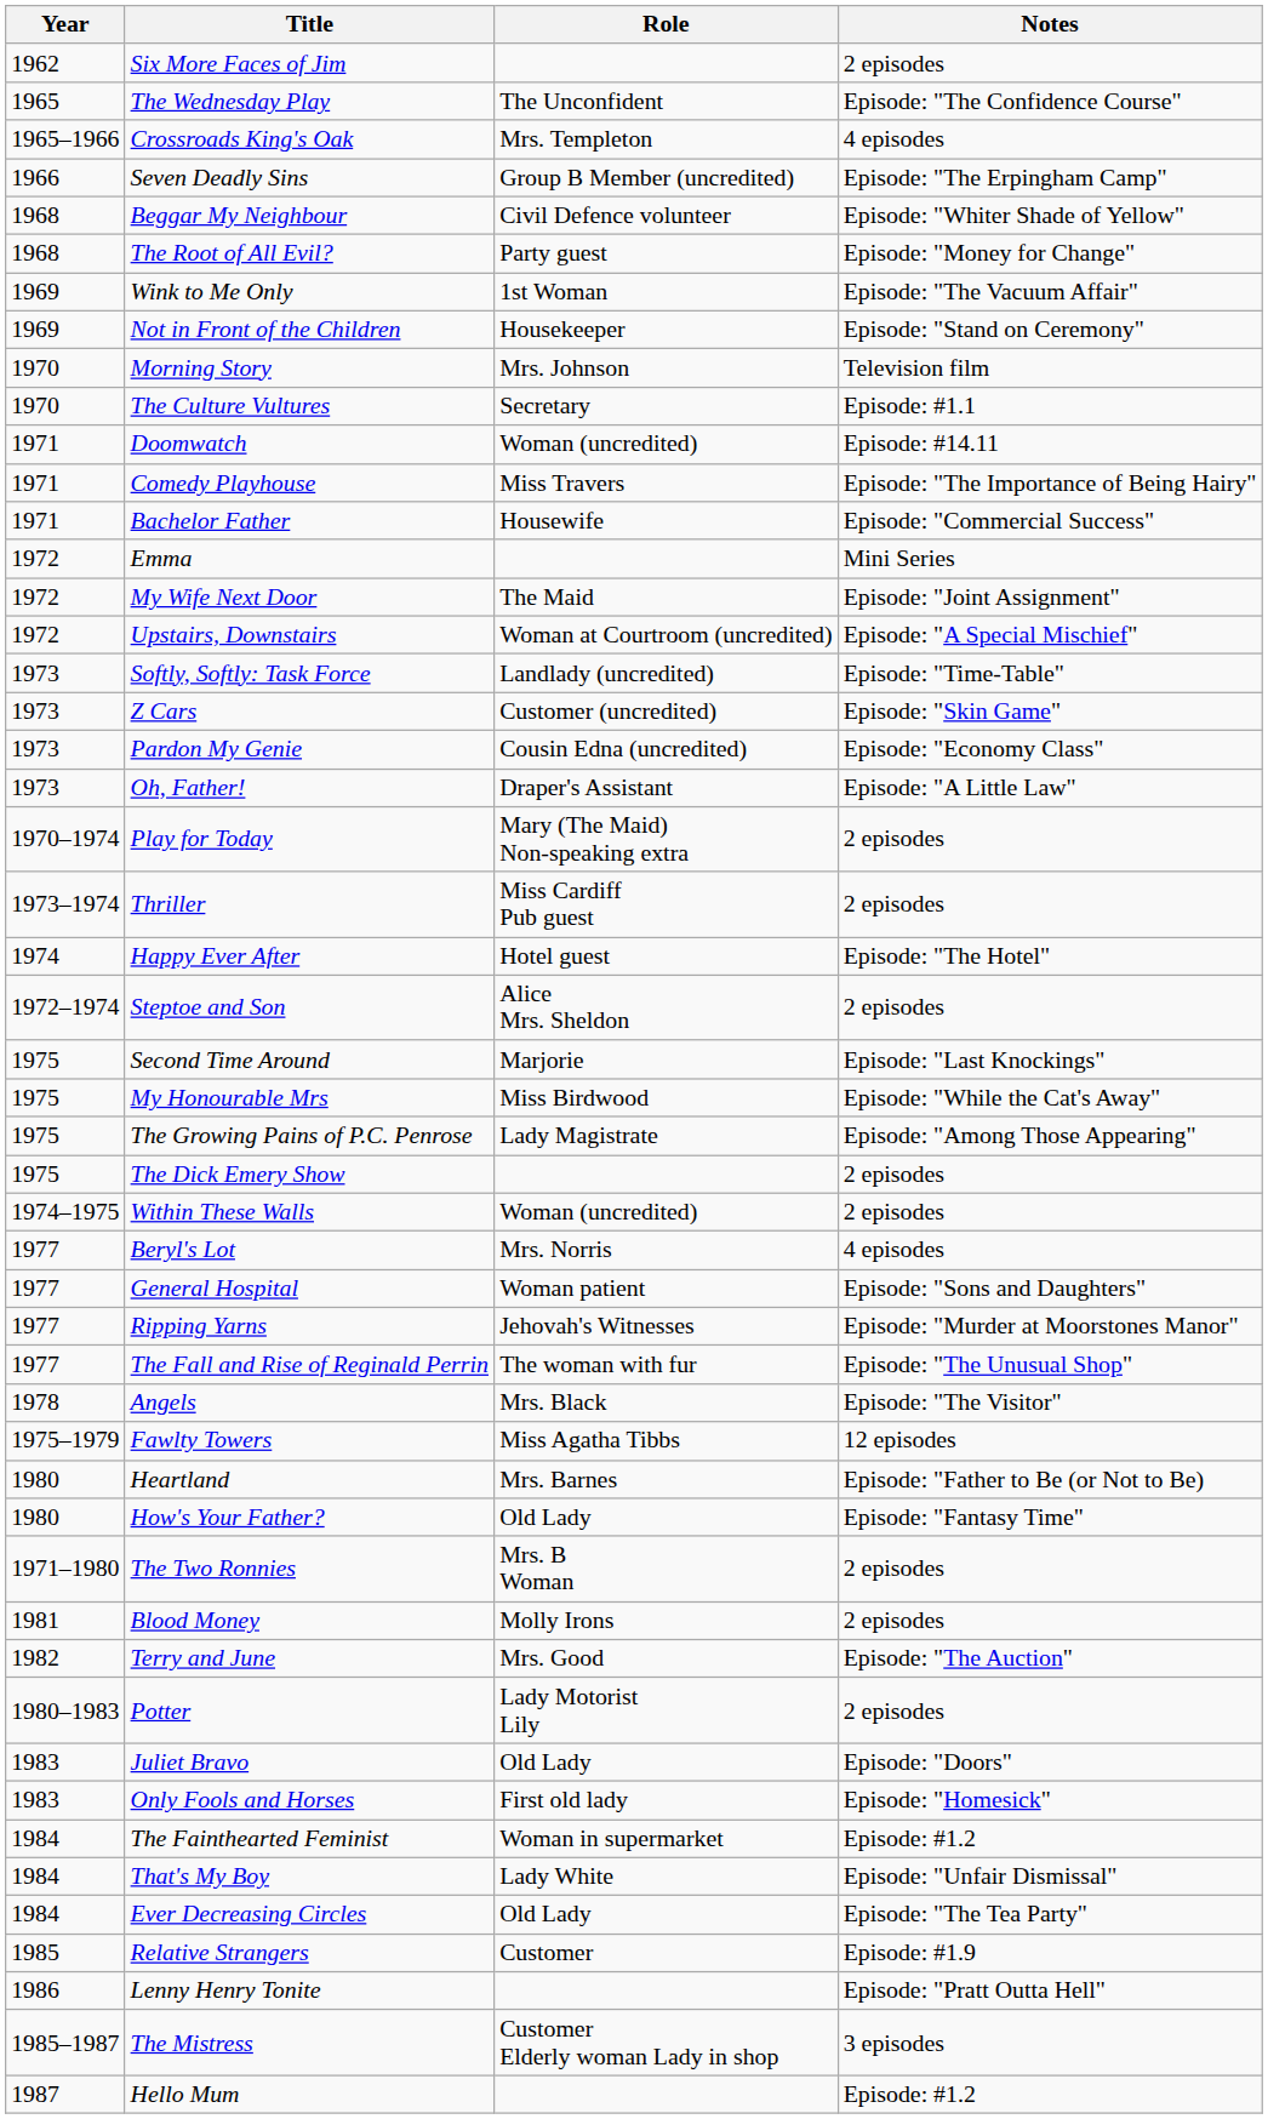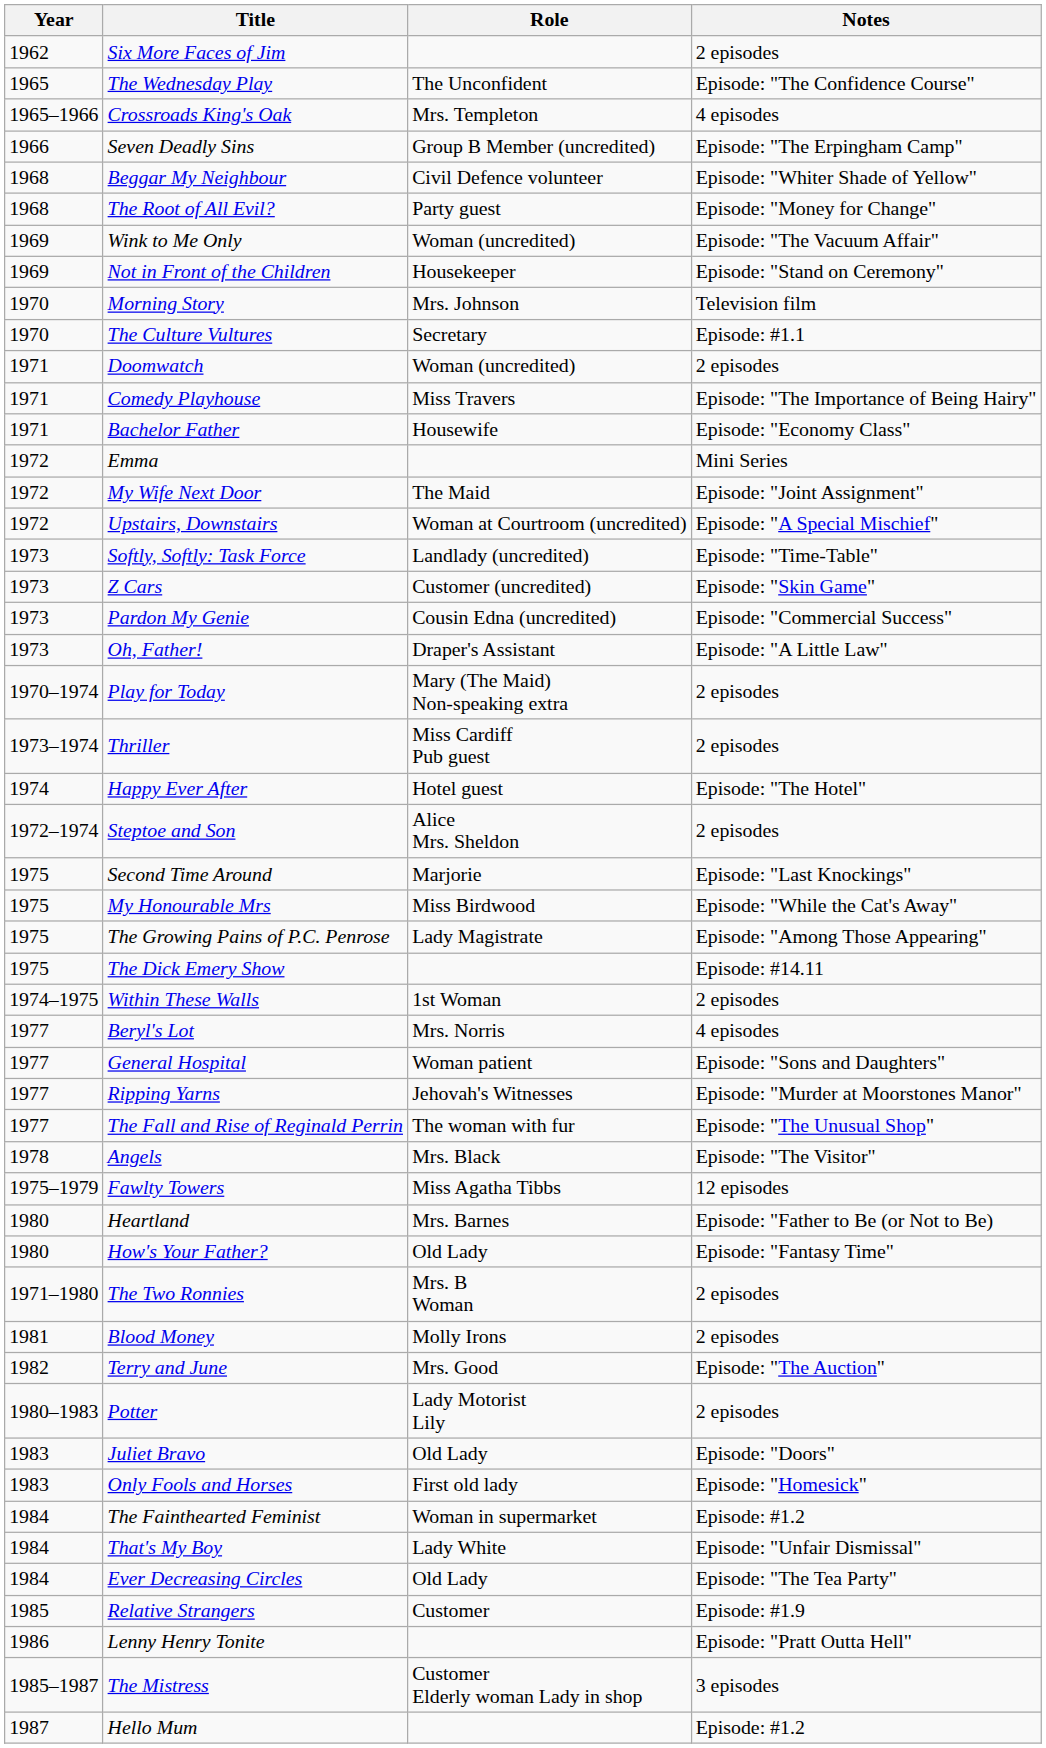 <table class="wikitable sortable">
 <tr>
 <th>Year</th>
 <th>Title</th>
 <th>Role</th>
 <th class="unsortable">Notes</th>
 </tr>
 <tr>
 <td>1962</td>
 <td><em><a href='#'>Six More Faces of Jim</a></em></td>
 <td></td>
 <td>2 episodes</td>
 </tr>
 <tr>
 <td>1965</td>
 <td><em><a href='#'>The Wednesday Play</a></em></td>
 <td>The Unconfident</td>
 <td>Episode: "The Confidence Course"</td>
 </tr>
 <tr>
 <td>1965–1966</td>
 <td><em><a href='#'>Crossroads King's Oak</a></em></td>
 <td>Mrs. Templeton</td>
 <td>4 episodes</td>
 </tr>
 <tr>
 <td>1966</td>
 <td><em>Seven Deadly Sins</em></td>
 <td>Group B Member (uncredited)</td>
 <td>Episode: "The Erpingham Camp"</td>
 </tr>
 <tr>
 <td>1968</td>
 <td><em><a href='#'>Beggar My Neighbour</a></em></td>
 <td>Civil Defence volunteer</td>
 <td>Episode: "Whiter Shade of Yellow"</td>
 </tr>
 <tr>
 <td>1968</td>
 <td><em><a href='#'>The Root of All Evil?</a></em></td>
 <td>Party guest</td>
 <td>Episode: "Money for Change"</td>
 </tr>
 <tr>
 <td>1969</td>
 <td><em>Wink to Me Only</em></td>
-<td>1st Woman</td>
+<td>Woman (uncredited)</td>
 <td>Episode: "The Vacuum Affair"</td>
 </tr>
 <tr>
 <td>1969</td>
 <td><em><a href='#'>Not in Front of the Children</a></em></td>
 <td>Housekeeper</td>
 <td>Episode: "Stand on Ceremony"</td>
 </tr>
 <tr>
 <td>1970</td>
 <td><em><a href='#'>Morning Story</a></em></td>
 <td>Mrs. Johnson</td>
 <td>Television film</td>
 </tr>
 <tr>
 <td>1970</td>
 <td><em><a href='#'>The Culture Vultures</a></em></td>
 <td>Secretary</td>
 <td>Episode: #1.1</td>
 </tr>
 <tr>
 <td>1971</td>
 <td><em><a href='#'>Doomwatch</a></em></td>
 <td>Woman (uncredited)</td>
-<td>Episode: #14.11</td>
+<td>2 episodes</td>
 </tr>
 <tr>
 <td>1971</td>
 <td><em><a href='#'>Comedy Playhouse</a></em></td>
 <td>Miss Travers</td>
 <td>Episode: "The Importance of Being Hairy"</td>
 </tr>
 <tr>
 <td>1971</td>
 <td><em><a href='#'>Bachelor Father</a></em></td>
 <td>Housewife</td>
-<td>Episode: "Commercial Success"</td>
+<td>Episode: "Economy Class"</td>
 </tr>
 <tr>
 <td>1972</td>
 <td><em>Emma</em></td>
 <td></td>
 <td>Mini Series</td>
 </tr>
 <tr>
 <td>1972</td>
 <td><em><a href='#'>My Wife Next Door</a></em></td>
 <td>The Maid</td>
 <td>Episode: "Joint Assignment"</td>
 </tr>
 <tr>
 <td>1972</td>
 <td><em><a href='#'>Upstairs, Downstairs</a></em></td>
 <td>Woman at Courtroom (uncredited)</td>
 <td>Episode: "<a href='#'>A Special Mischief</a>"</td>
 </tr>
 <tr>
 <td>1973</td>
 <td><em><a href='#'>Softly, Softly: Task Force</a></em></td>
 <td>Landlady (uncredited)</td>
 <td>Episode: "Time-Table"</td>
 </tr>
 <tr>
 <td>1973</td>
 <td><em><a href='#'>Z Cars</a></em></td>
 <td>Customer (uncredited)</td>
 <td>Episode: "<a href='#'>Skin Game</a>"</td>
 </tr>
 <tr>
 <td>1973</td>
 <td><em><a href='#'>Pardon My Genie</a></em></td>
 <td>Cousin Edna (uncredited)</td>
-<td>Episode: "Economy Class"</td>
+<td>Episode: "Commercial Success"</td>
 </tr>
 <tr>
 <td>1973</td>
 <td><em><a href='#'>Oh, Father!</a></em></td>
 <td>Draper's Assistant</td>
 <td>Episode: "A Little Law"</td>
 </tr>
 <tr>
 <td>1970–1974</td>
 <td><em><a href='#'>Play for Today</a></em></td>
 <td>Mary (The Maid)<br>Non-speaking extra</td>
 <td>2 episodes</td>
 </tr>
 <tr>
 <td>1973–1974</td>
 <td><em><a href='#'>Thriller</a></em></td>
 <td>Miss Cardiff<br>Pub guest</td>
 <td>2 episodes</td>
 </tr>
 <tr>
 <td>1974</td>
 <td><em><a href='#'>Happy Ever After</a></em></td>
 <td>Hotel guest</td>
 <td>Episode: "The Hotel"</td>
 </tr>
 <tr>
 <td>1972–1974</td>
 <td><em><a href='#'>Steptoe and Son</a></em></td>
 <td>Alice<br>Mrs. Sheldon</td>
 <td>2 episodes</td>
 </tr>
 <tr>
 <td>1975</td>
 <td><em>Second Time Around</em></td>
 <td>Marjorie</td>
 <td>Episode: "Last Knockings"</td>
 </tr>
 <tr>
 <td>1975</td>
 <td><em><a href='#'>My Honourable Mrs</a></em></td>
 <td>Miss Birdwood</td>
 <td>Episode: "While the Cat's Away"</td>
 </tr>
 <tr>
 <td>1975</td>
 <td><em>The Growing Pains of P.C. Penrose</em></td>
 <td>Lady Magistrate</td>
 <td>Episode: "Among Those Appearing"</td>
 </tr>
 <tr>
 <td>1975</td>
 <td><em><a href='#'>The Dick Emery Show</a></em></td>
 <td></td>
-<td>2 episodes</td>
+<td>Episode: #14.11</td>
 </tr>
 <tr>
 <td>1974–1975</td>
 <td><em><a href='#'>Within These Walls</a></em></td>
-<td>Woman (uncredited)</td>
+<td>1st Woman</td>
 <td>2 episodes</td>
 </tr>
 <tr>
 <td>1977</td>
 <td><em><a href='#'>Beryl's Lot</a></em></td>
 <td>Mrs. Norris</td>
 <td>4 episodes</td>
 </tr>
 <tr>
 <td>1977</td>
 <td><em><a href='#'>General Hospital</a></em></td>
 <td>Woman patient</td>
 <td>Episode: "Sons and Daughters"</td>
 </tr>
 <tr>
 <td>1977</td>
 <td><em><a href='#'>Ripping Yarns</a></em></td>
 <td>Jehovah's Witnesses</td>
 <td>Episode: "Murder at Moorstones Manor"</td>
 </tr>
 <tr>
 <td>1977</td>
 <td><em><a href='#'>The Fall and Rise of Reginald Perrin</a></em></td>
 <td>The woman with fur</td>
 <td>Episode: "<a href='#'>The Unusual Shop</a>"</td>
 </tr>
 <tr>
 <td>1978</td>
 <td><em><a href='#'>Angels</a></em></td>
 <td>Mrs. Black</td>
 <td>Episode: "The Visitor"</td>
 </tr>
 <tr>
 <td>1975–1979</td>
 <td><em><a href='#'>Fawlty Towers</a></em></td>
 <td>Miss Agatha Tibbs</td>
 <td>12 episodes</td>
 </tr>
 <tr>
 <td>1980</td>
 <td><em>Heartland</em></td>
 <td>Mrs. Barnes</td>
 <td>Episode: "Father to Be (or Not to Be)</td>
 </tr>
 <tr>
 <td>1980</td>
 <td><em><a href='#'>How's Your Father?</a></em></td>
 <td>Old Lady</td>
 <td>Episode: "Fantasy Time"</td>
 </tr>
 <tr>
 <td>1971–1980</td>
 <td><em><a href='#'>The Two Ronnies</a></em></td>
 <td>Mrs. B<br>Woman</td>
 <td>2 episodes</td>
 </tr>
 <tr>
 <td>1981</td>
 <td><em><a href='#'>Blood Money</a></em></td>
 <td>Molly Irons</td>
 <td>2 episodes</td>
 </tr>
 <tr>
 <td>1982</td>
 <td><em><a href='#'>Terry and June</a></em></td>
 <td>Mrs. Good</td>
 <td>Episode: "<a href='#'>The Auction</a>"</td>
 </tr>
 <tr>
 <td>1980–1983</td>
 <td><em><a href='#'>Potter</a></em></td>
 <td>Lady Motorist<br>Lily</td>
 <td>2 episodes</td>
 </tr>
 <tr>
 <td>1983</td>
 <td><em><a href='#'>Juliet Bravo</a></em></td>
 <td>Old Lady</td>
 <td>Episode: "Doors"</td>
 </tr>
 <tr>
 <td>1983</td>
 <td><em><a href='#'>Only Fools and Horses</a></em></td>
 <td>First old lady</td>
 <td>Episode: "<a href='#'>Homesick</a>"</td>
 </tr>
 <tr>
 <td>1984</td>
 <td><em>The Fainthearted Feminist</em></td>
 <td>Woman in supermarket</td>
 <td>Episode: #1.2</td>
 </tr>
 <tr>
 <td>1984</td>
 <td><em><a href='#'>That's My Boy</a></em></td>
 <td>Lady White</td>
 <td>Episode: "Unfair Dismissal"</td>
 </tr>
 <tr>
 <td>1984</td>
 <td><em><a href='#'>Ever Decreasing Circles</a></em></td>
 <td>Old Lady</td>
 <td>Episode: "The Tea Party"</td>
 </tr>
 <tr>
 <td>1985</td>
 <td><em><a href='#'>Relative Strangers</a></em></td>
 <td>Customer</td>
 <td>Episode: #1.9</td>
 </tr>
 <tr>
 <td>1986</td>
 <td><em>Lenny Henry Tonite</em></td>
 <td></td>
 <td>Episode: "Pratt Outta Hell"</td>
 </tr>
 <tr>
 <td>1985–1987</td>
 <td><em><a href='#'>The Mistress</a></em></td>
 <td>Customer<br>Elderly woman Lady in shop</td>
 <td>3 episodes</td>
 </tr>
 <tr>
 <td>1987</td>
 <td><em>Hello Mum</em></td>
 <td></td>
 <td>Episode: #1.2</td>
 </tr>
 </table>
